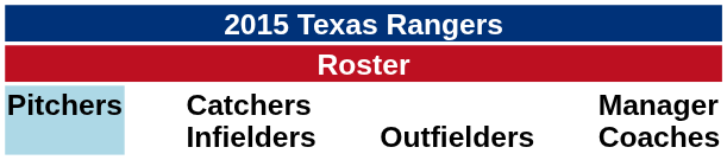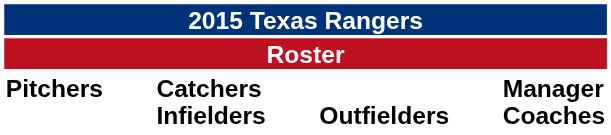 <table class="toccolours" style="font-size: 95%;">
 <tr>
 <th colspan="10" style="background:#003279; color:#fff; text-align:center;">2015 Texas Rangers</th>
 </tr>
 <tr>
 <td colspan="10" style="background:#bd1021; color:white; text-align:center;"><strong>Roster</strong></td>
 </tr>
 <tr>
-<td valign="top" style="background: lightblue;"><strong>Pitchers</strong><br>                             </td>
+<td valign="top"><strong>Pitchers</strong><br>                             </td>
 <td style="width:25px;"></td>
 <td valign="top"><strong>Catchers</strong><br>     <strong>Infielders</strong>          </td>
 <td width="25px"></td>
 <td valign="top"><br><strong>Outfielders</strong>            </td>
 <td style="width:25px;"></td>
 <td valign="top"><strong>Manager</strong><br> <strong>Coaches</strong>                  </td>
 </tr>
 </table>
